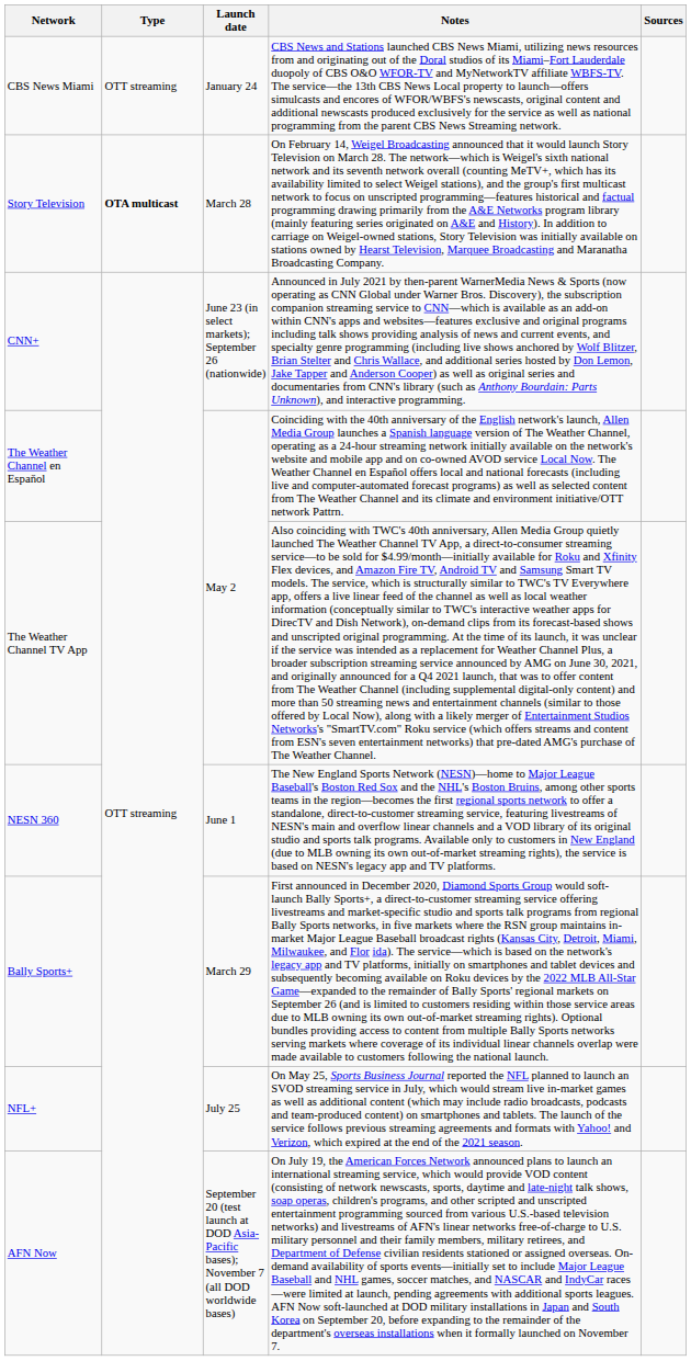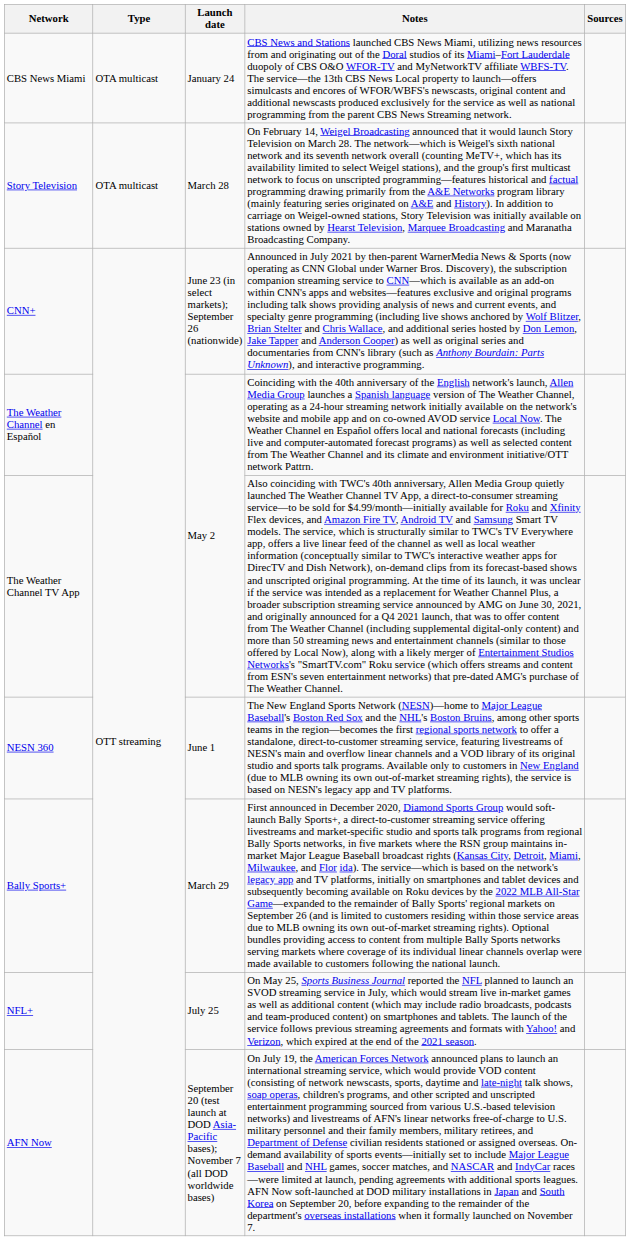 <table class="wikitable">
 <tr>
 <th style="text-align:center; width:125px">Network</th>
 <th style="text-align:center; width:130px">Type</th>
 <th style="text-align:center; width:60px">Launch date</th>
 <th style="text-align:center; width:500px">Notes</th>
 <th style="text-align:center; width:30px">Sources</th>
 </tr>
 <tr>
 <td>CBS News Miami</td>
-<td>OTT streaming</td>
+<td>OTA multicast</td>
 <td>January 24</td>
 <td><a href='#'>CBS News and Stations</a> launched CBS News Miami, utilizing news resources from and originating out of the <a href='#'>Doral</a> studios of its <a href='#'>Miami</a>–<a href='#'>Fort Lauderdale</a> duopoly of CBS O&O <a href='#'>WFOR-TV</a> and MyNetworkTV affiliate <a href='#'>WBFS-TV</a>. The service—the 13th CBS News Local property to launch—offers simulcasts and encores of WFOR/WBFS's newscasts, original content and additional newscasts produced exclusively for the service as well as national programming from the parent CBS News Streaming network.</td>
 <td></td>
 </tr>
 <tr>
 <td><a href='#'>Story Television</a></td>
-<td><strong>OTA multicast</strong></td>
+<td>OTA multicast</td>
 <td>March 28</td>
 <td>On February 14, <a href='#'>Weigel Broadcasting</a> announced that it would launch Story Television on March 28. The network—which is Weigel's sixth national network and its seventh network overall (counting MeTV+, which has its availability limited to select Weigel stations), and the group's first multicast network to focus on unscripted programming—features historical and <a href='#'>factual</a> programming drawing primarily from the <a href='#'>A&E Networks</a> program library (mainly featuring series originated on <a href='#'>A&E</a> and <a href='#'>History</a>). In addition to carriage on Weigel-owned stations, Story Television was initially available on stations owned by <a href='#'>Hearst Television</a>, <a href='#'>Marquee Broadcasting</a> and Maranatha Broadcasting Company.</td>
 <td></td>
 </tr>
 <tr>
 <td><a href='#'>CNN+</a></td>
 <td rowspan="8">OTT streaming</td>
 <td>June 23 (in select markets);<br>September 26 (nationwide)</td>
 <td>Announced in July 2021 by then-parent WarnerMedia News & Sports (now operating as CNN Global under Warner Bros. Discovery), the subscription companion streaming service to <a href='#'>CNN</a>—which is available as an add-on within CNN's apps and websites—features exclusive and original programs including talk shows providing analysis of news and current events, and specialty genre programming (including live shows anchored by <a href='#'>Wolf Blitzer</a>, <a href='#'>Brian Stelter</a> and <a href='#'>Chris Wallace</a>, and additional series hosted by <a href='#'>Don Lemon</a>, <a href='#'>Jake Tapper</a> and <a href='#'>Anderson Cooper</a>) as well as original series and documentaries from CNN's library (such as <em><a href='#'>Anthony Bourdain: Parts Unknown</a></em>), and interactive programming.</td>
 <td></td>
 </tr>
 <tr>
 <td><a href='#'>The Weather Channel</a> en Espaňol</td>
 <td rowspan="2">May 2</td>
 <td>Coinciding with the 40th anniversary of the <a href='#'>English</a> network's launch, <a href='#'>Allen Media Group</a> launches a <a href='#'>Spanish language</a> version of The Weather Channel, operating as a 24-hour streaming network initially available on the network's website and mobile app and on co-owned AVOD service <a href='#'>Local Now</a>. The Weather Channel en Español offers local and national forecasts (including live and computer-automated forecast programs) as well as selected content from The Weather Channel and its climate and environment initiative/OTT network Pattrn.</td>
 <td></td>
 </tr>
 <tr>
 <td>The Weather Channel TV App</td>
 <td>Also coinciding with TWC's 40th anniversary, Allen Media Group quietly launched The Weather Channel TV App, a direct-to-consumer streaming service—to be sold for $4.99/month—initially available for <a href='#'>Roku</a> and <a href='#'>Xfinity</a> Flex devices, and <a href='#'>Amazon Fire TV</a>, <a href='#'>Android TV</a> and <a href='#'>Samsung</a> Smart TV models. The service, which is structurally similar to TWC's TV Everywhere app, offers a live linear feed of the channel as well as local weather information (conceptually similar to TWC's interactive weather apps for DirecTV and Dish Network), on-demand clips from its forecast-based shows and unscripted original programming. At the time of its launch, it was unclear if the service was intended as a replacement for Weather Channel Plus, a broader subscription streaming service announced by AMG on June 30, 2021, and originally announced for a Q4 2021 launch, that was to offer content from The Weather Channel (including supplemental digital-only content) and more than 50 streaming news and entertainment channels (similar to those offered by Local Now), along with a likely merger of <a href='#'>Entertainment Studios Networks</a>'s "SmartTV.com" Roku service (which offers streams and content from ESN's seven entertainment networks) that pre-dated AMG's purchase of The Weather Channel.</td>
 <td></td>
 </tr>
 <tr>
 <td><a href='#'>NESN 360</a></td>
 <td>June 1</td>
 <td>The New England Sports Network (<a href='#'>NESN</a>)—home to <a href='#'>Major League Baseball</a>'s <a href='#'>Boston Red Sox</a> and the <a href='#'>NHL</a>'s <a href='#'>Boston Bruins</a>, among other sports teams in the region—becomes the first <a href='#'>regional sports network</a> to offer a standalone, direct-to-customer streaming service, featuring livestreams of NESN's main and overflow linear channels and a VOD library of its original studio and sports talk programs. Available only to customers in <a href='#'>New England</a> (due to MLB owning its own out-of-market streaming rights), the service is based on NESN's legacy app and TV platforms.</td>
 <td></td>
 </tr>
 <tr>
 <td><a href='#'>Bally Sports+</a></td>
 <td>March 29</td>
 <td>First announced in December 2020, <a href='#'>Diamond Sports Group</a> would soft-launch Bally Sports+, a direct-to-customer streaming service offering livestreams and market-specific studio and sports talk programs from regional Bally Sports networks, in five markets where the RSN group maintains in-market Major League Baseball broadcast rights (<a href='#'>Kansas City</a>, <a href='#'>Detroit</a>, <a href='#'>Miami</a>, <a href='#'>Milwaukee</a>, and <a href='#'>Flor</a> <a href='#'>ida</a>). The service—which is based on the network's <a href='#'>legacy app</a> and TV platforms, initially on smartphones and tablet devices and subsequently becoming available on Roku devices by the <a href='#'>2022 MLB All-Star Game</a>—expanded to the remainder of Bally Sports' regional markets on September 26 (and is limited to customers residing within those service areas due to MLB owning its own out-of-market streaming rights). Optional bundles providing access to content from multiple Bally Sports networks serving markets where coverage of its individual linear channels overlap were made available to customers following the national launch.</td>
 <td></td>
 </tr>
 <tr>
 <td><a href='#'>NFL+</a></td>
 <td>July 25</td>
 <td>On May 25, <em><a href='#'>Sports Business Journal</a></em> reported the <a href='#'>NFL</a> planned to launch an SVOD streaming service in July, which would stream live in-market games as well as additional content (which may include radio broadcasts, podcasts and team-produced content) on smartphones and tablets. The launch of the service follows previous streaming agreements and formats with <a href='#'>Yahoo!</a> and <a href='#'>Verizon</a>, which expired at the end of the <a href='#'>2021 season</a>.</td>
 <td></td>
 </tr>
 <tr>
 <td><a href='#'>AFN Now</a></td>
 <td>September 20 (test launch at DOD <a href='#'>Asia-Pacific</a> bases);<br>November 7 (all DOD worldwide bases)</td>
 <td>On July 19, the <a href='#'>American Forces Network</a> announced plans to launch an international streaming service, which would provide VOD content (consisting of network newscasts, sports, daytime and <a href='#'>late-night</a> talk shows, <a href='#'>soap operas</a>, children's programs, and other scripted and unscripted entertainment programming sourced from various U.S.-based television networks) and livestreams of AFN's linear networks free-of-charge to U.S. military personnel and their family members, military retirees, and <a href='#'>Department of Defense</a> civilian residents stationed or assigned overseas. On-demand availability of sports events—initially set to include <a href='#'>Major League Baseball</a> and <a href='#'>NHL</a> games, soccer matches, and <a href='#'>NASCAR</a> and <a href='#'>IndyCar</a> races—were limited at launch, pending agreements with additional sports leagues. AFN Now soft-launched at DOD military installations in <a href='#'>Japan</a> and <a href='#'>South Korea</a> on September 20, before expanding to the remainder of the department's <a href='#'>overseas installations</a> when it formally launched on November 7.</td>
 <td><br><br></td>
 </tr>
 </table>
